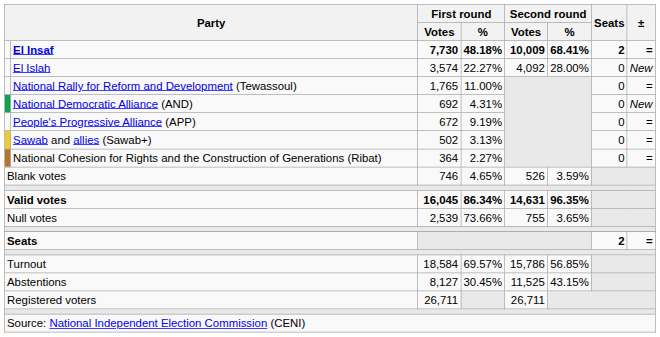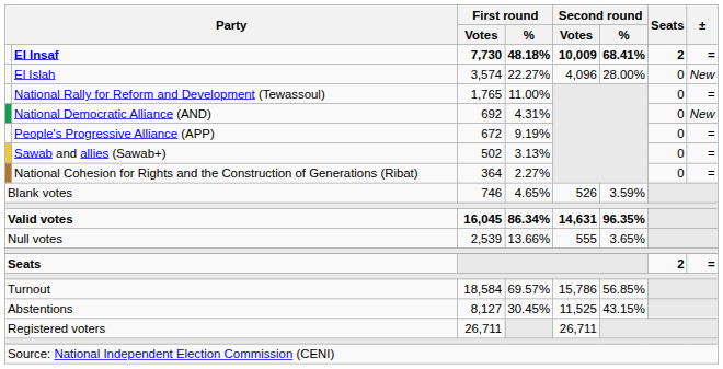 <table class="wikitable" style="text-align:right;font-size:95%;">
 <tr>
 <th rowspan="2" colspan="2" width="700">Party</th>
 <th colspan="2">First round</th>
 <th colspan="2">Second round</th>
 <th rowspan="2" width="25">Seats</th>
 <th rowspan="2" width="20">±</th>
 </tr>
 <tr>
 <th width="50">Votes</th>
 <th width="50">%</th>
 <th width="50">Votes</th>
 <th width="50">%</th>
 </tr>
 <tr>
 <td width="1" style="color:inherit;background:"></td>
 <td style="text-align:left;"><strong><a href='#'>El Insaf</a></strong></td>
 <td><strong>7,730</strong></td>
 <td><strong>48.18%</strong></td>
 <td><strong>10,009</strong></td>
 <td><strong>68.41%</strong></td>
 <td><strong>2</strong></td>
 <td><strong>=</strong></td>
 </tr>
 <tr>
 <td width="1" style="color:inherit;background:"></td>
 <td style="text-align:left;"><a href='#'>El Islah</a></td>
 <td>3,574</td>
 <td>22.27%</td>
-<td>4,092</td>
+<td>4,096</td>
 <td>28.00%</td>
 <td>0</td>
 <td><em>New</em></td>
 </tr>
 <tr>
 <td width="1" style="color:inherit;background:"></td>
 <td style="text-align:left;"><a href='#'>National Rally for Reform and Development</a> (Tewassoul)</td>
 <td>1,765</td>
 <td>11.00%</td>
 <td colspan="2" rowspan="5" style="background:#E9E9E9;"></td>
 <td>0</td>
 <td>=</td>
 </tr>
 <tr>
 <td width="1" style="color:inherit;background:#0AA450;"></td>
 <td style="text-align:left;"><a href='#'>National Democratic Alliance</a> (AND)</td>
 <td>692</td>
 <td>4.31%</td>
 <td>0</td>
 <td><em>New</em></td>
 </tr>
 <tr>
 <td width="1" style="color:inherit;background:"></td>
 <td style="text-align:left;"><a href='#'>People's Progressive Alliance</a> (APP)</td>
 <td>672</td>
 <td>9.19%</td>
 <td>0</td>
 <td>=</td>
 </tr>
 <tr>
 <td width="1" style="color:inherit;background:#F0C832;"></td>
 <td style="text-align:left;"><a href='#'>Sawab</a> and <a href='#'>allies</a> (Sawab+)</td>
 <td>502</td>
 <td>3.13%</td>
 <td>0</td>
 <td>=</td>
 </tr>
 <tr>
 <td width="1" style="color:inherit;background:#B7752C;"></td>
 <td style="text-align:left;">National Cohesion for Rights and the Construction of Generations (Ribat)</td>
 <td>364</td>
 <td>2.27%</td>
 <td>0</td>
 <td>=</td>
 </tr>
 <tr>
 <td colspan="2" style="text-align:left;">Blank votes</td>
 <td>746</td>
 <td>4.65%</td>
 <td>526</td>
 <td>3.59%</td>
 <td colspan="2" style="background:#E9E9E9;"></td>
 </tr>
 <tr>
 <td colspan="8" style="background:#E9E9E9;"></td>
 </tr>
 <tr style="font-weight:bold;">
 <td colspan="2" style="text-align:left;">Valid votes</td>
 <td>16,045</td>
 <td>86.34%</td>
 <td>14,631</td>
 <td>96.35%</td>
 <td colspan="2" style="background:#E9E9E9;"></td>
 </tr>
 <tr>
 <td colspan="2" style="text-align:left;">Null votes</td>
 <td>2,539</td>
-<td>73.66%</td>
-<td>755</td>
+<td>13.66%</td>
+<td>555</td>
 <td>3.65%</td>
 <td colspan="2" style="background:#E9E9E9;"></td>
 </tr>
 <tr>
 <td colspan="8" style="background:#E9E9E9;"></td>
 </tr>
 <tr>
 </tr>
 <tr style="font-weight:bold;">
 <td colspan="2" style="text-align:left;">Seats</td>
 <td colspan="4" style="background:#E9E9E9;"></td>
 <td>2</td>
 <td>=</td>
 </tr>
 <tr>
 <td colspan="8" style="background:#E9E9E9;"></td>
 </tr>
 <tr>
 <td colspan="2" style="text-align:left;">Turnout</td>
 <td>18,584</td>
 <td>69.57%</td>
 <td>15,786</td>
 <td>56.85%</td>
 <td colspan="2" style="background:#E9E9E9;"></td>
 </tr>
 <tr>
 <td colspan="2" style="text-align:left;">Abstentions</td>
 <td>8,127</td>
 <td>30.45%</td>
 <td>11,525</td>
 <td>43.15%</td>
 <td colspan="2" style="background:#E9E9E9;"></td>
 </tr>
 <tr>
 <td colspan="2" style="text-align:left;">Registered voters</td>
 <td>26,711</td>
 <td style="color:inherit;background:#E9E9E9;"></td>
 <td>26,711</td>
 <td colspan="3" style="background:#E9E9E9;"></td>
 </tr>
 <tr>
 <td colspan="8" style="background:#E9E9E9;"></td>
 </tr>
 <tr>
 <td colspan="8" style="text-align:left;">Source: <a href='#'>National Independent Election Commission</a> (CENI)</td>
 </tr>
 </table>
